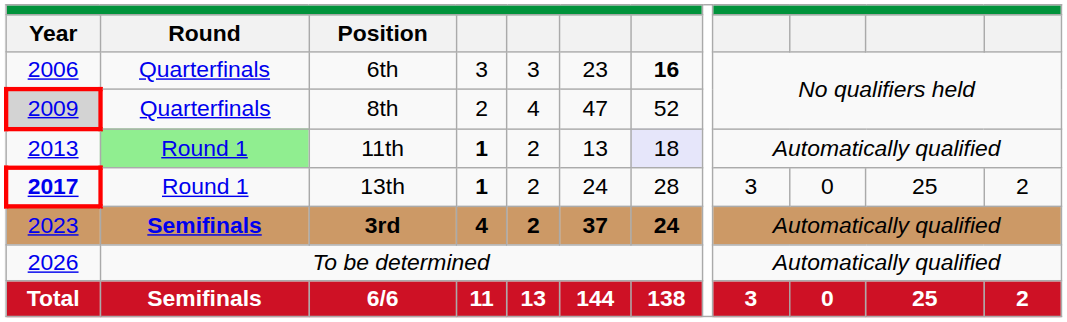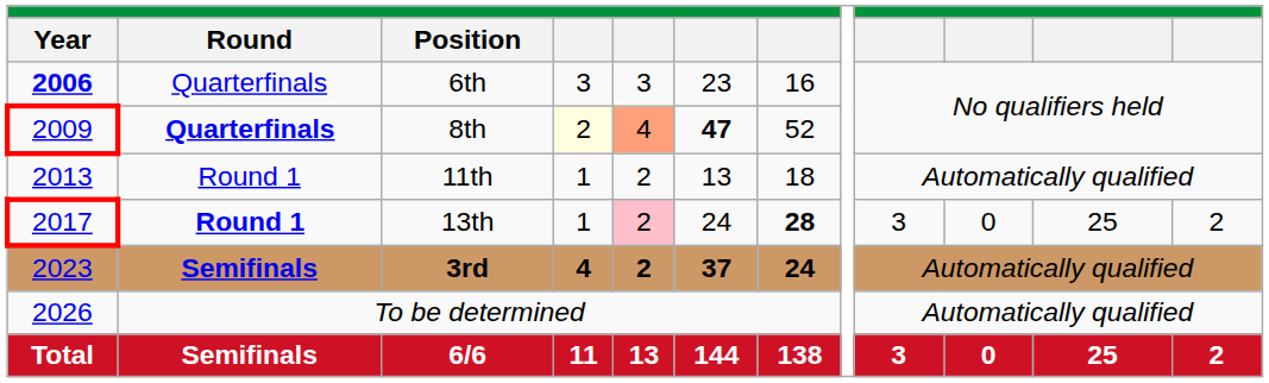 <table class="wikitable" style="text-align: center;">
 <tr>
 <th style="background:#00933B;" colspan="7"><a href='#'></a> </th>
 <th style="background:white; width:1%;" rowspan="9"></th>
 <th style="background:#00933B; color:#FFFFFF;" colspan="5"><a href='#'></a> </th>
 </tr>
 <tr>
 <th>Year</th>
 <th>Round</th>
 <th>Position</th>
 <th></th>
 <th></th>
 <th></th>
 <th></th>
 <th></th>
 <th></th>
 <th></th>
 <th></th>
 </tr>
 <tr>
-<td> <a href='#'>2006</a></td>
+<td><strong> <a href='#'>2006</a></strong></td>
 <td><a href='#'>Quarterfinals</a></td>
 <td>6th</td>
 <td>3</td>
 <td>3</td>
 <td>23</td>
-<td><strong>16</strong></td>
+<td>16</td>
 <td colspan="4" rowspan=2><em>No qualifiers held</em></td>
 </tr>
 <tr>
-<td style="background: lightgrey; border: 3px solid red">  <a href='#'>2009</a></td>
-<td><a href='#'>Quarterfinals</a></td>
+<td style="border: 3px solid red">  <a href='#'>2009</a></td>
+<td><strong><a href='#'>Quarterfinals</a></strong></td>
 <td>8th</td>
-<td>2</td>
-<td>4</td>
-<td>47</td>
+<td style="background: lightyellow;">2</td>
+<td style="background: lightsalmon;">4</td>
+<td><strong>47</strong></td>
 <td>52</td>
 </tr>
 <tr>
 <td> <a href='#'>2013</a></td>
-<td style="background: lightgreen;"><a href='#'>Round 1</a></td>
+<td><a href='#'>Round 1</a></td>
 <td>11th</td>
-<td><strong>1</strong></td>
+<td>1</td>
 <td>2</td>
 <td>13</td>
-<td style="background: lavender;">18</td>
+<td>18</td>
 <td colspan="4" style="text-align:center;"><em>Automatically qualified</em></td>
 </tr>
 <tr>
-<td style="border: 3px solid red"><strong> <a href='#'>2017</a></strong></td>
-<td><a href='#'>Round 1</a></td>
+<td style="border: 3px solid red"> <a href='#'>2017</a></td>
+<td><strong><a href='#'>Round 1</a></strong></td>
 <td>13th</td>
-<td><strong>1</strong></td>
-<td>2</td>
+<td>1</td>
+<td style="background: pink;">2</td>
 <td>24</td>
-<td>28</td>
+<td><strong>28</strong></td>
 <td>3</td>
 <td>0</td>
 <td>25</td>
 <td>2</td>
 </tr>
 <tr style="background:#c96;">
 <td> <a href='#'>2023</a></td>
 <td><strong><a href='#'>Semifinals</a></strong></td>
 <td> <strong>3rd</strong></td>
 <td><strong>4</strong></td>
 <td><strong>2</strong></td>
 <td><strong>37</strong></td>
 <td><strong>24</strong></td>
 <td colspan=5 align=center><em>Automatically qualified</em></td>
 </tr>
 <tr>
 <td> <a href='#'>2026</a></td>
 <td colspan=6 align=center><em>To be determined</em></td>
 <td colspan=4 align=center><em>Automatically qualified</em></td>
 </tr>
 <tr>
 <th style="color:white; background:#CE1125;">Total</th>
 <th style="color:white; background:#CE1125;">Semifinals</th>
 <th style="color:white; background:#CE1125;">6/6</th>
 <th style="color:white; background:#CE1125;">11</th>
 <th style="color:white; background:#CE1125;">13</th>
 <th style="color:white; background:#CE1125;">144</th>
 <th style="color:white; background:#CE1125;">138</th>
 <th style="color:white; background:#CE1125;">3</th>
 <th style="color:white; background:#CE1125;">0</th>
 <th style="color:white; background:#CE1125;">25</th>
 <th style="color:white; background:#CE1125;">2</th>
 </tr>
 </table>
